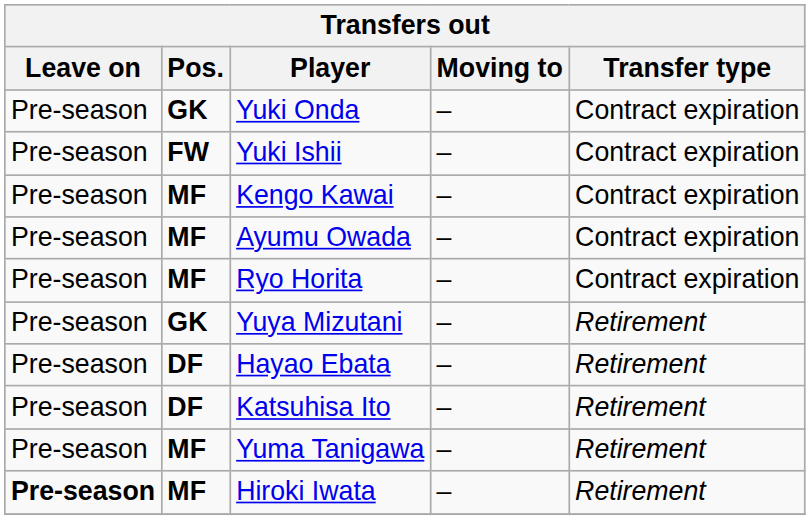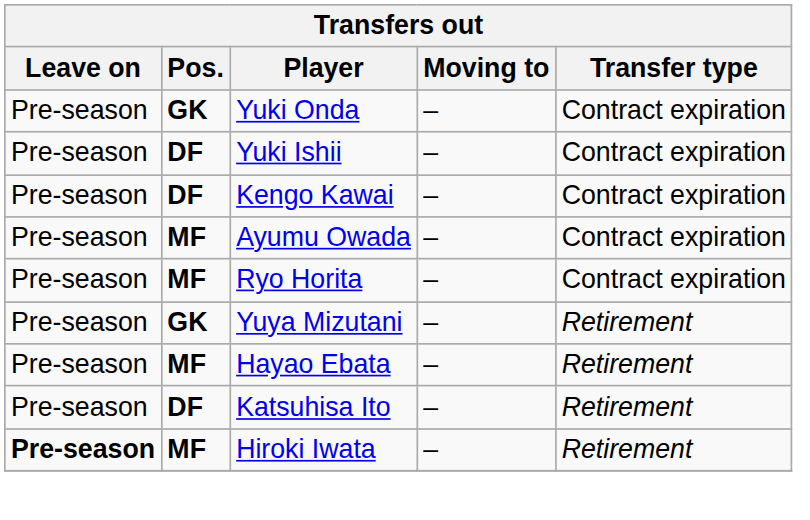 <table class="wikitable sortable" style=“text-align:left;>
 <tr>
 <th colspan="5">Transfers out</th>
 </tr>
 <tr>
 <th>Leave on</th>
 <th>Pos.</th>
 <th>Player</th>
 <th>Moving to</th>
 <th>Transfer type</th>
 </tr>
 <tr>
 <td>Pre-season</td>
 <td><strong>GK</strong></td>
 <td> <a href='#'>Yuki Onda</a></td>
 <td>–</td>
 <td>Contract expiration</td>
 </tr>
 <tr>
 <td>Pre-season</td>
-<td><strong>FW</strong></td>
+<td><strong>DF</strong></td>
 <td> <a href='#'>Yuki Ishii</a></td>
 <td>–</td>
 <td>Contract expiration</td>
 </tr>
 <tr>
 <td>Pre-season</td>
-<td><strong>MF</strong></td>
+<td><strong>DF</strong></td>
 <td> <a href='#'>Kengo Kawai</a></td>
 <td>–</td>
 <td>Contract expiration</td>
 </tr>
 <tr>
 <td>Pre-season</td>
 <td><strong>MF</strong></td>
 <td> <a href='#'>Ayumu Owada</a></td>
 <td>–</td>
 <td>Contract expiration</td>
 </tr>
 <tr>
 <td>Pre-season</td>
 <td><strong>MF</strong></td>
 <td> <a href='#'>Ryo Horita</a></td>
 <td>–</td>
 <td>Contract expiration</td>
 </tr>
 <tr>
 <td>Pre-season</td>
 <td><strong>GK</strong></td>
 <td> <a href='#'>Yuya Mizutani</a></td>
 <td>–</td>
 <td><em>Retirement</em></td>
 </tr>
 <tr>
 <td>Pre-season</td>
-<td><strong>DF</strong></td>
+<td><strong>MF</strong></td>
 <td> <a href='#'>Hayao Ebata</a></td>
 <td>–</td>
 <td><em>Retirement</em></td>
 </tr>
 <tr>
 <td>Pre-season</td>
 <td><strong>DF</strong></td>
 <td> <a href='#'>Katsuhisa Ito</a></td>
-<td>–</td>
-<td><em>Retirement</em></td>
-</tr>
-<tr>
-<td>Pre-season</td>
-<td><strong>MF</strong></td>
-<td> <a href='#'>Yuma Tanigawa</a></td>
 <td>–</td>
 <td><em>Retirement</em></td>
 </tr>
 <tr>
 <td><strong>Pre-season</strong></td>
 <td><strong>MF</strong></td>
 <td> <a href='#'>Hiroki Iwata</a></td>
 <td>–</td>
 <td><em>Retirement</em></td>
 </tr>
 <tr>
 </tr>
 </table>
